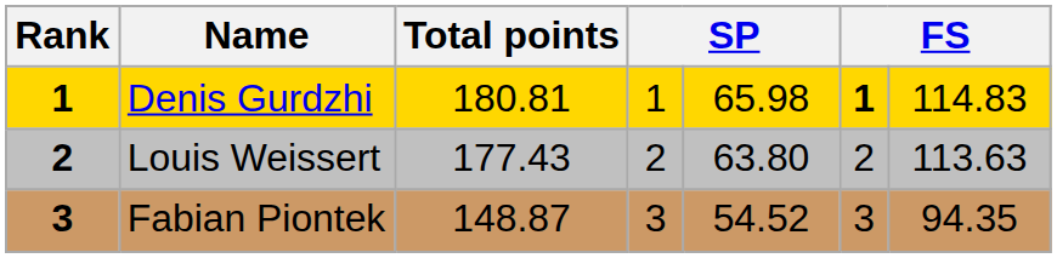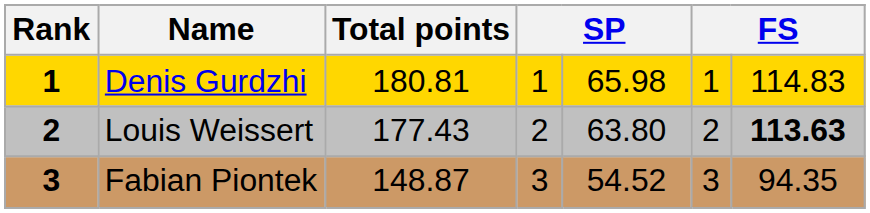 <table class="wikitable sortable">
 <tr>
 <th>Rank</th>
 <th>Name</th>
 <th>Total points</th>
 <th colspan="2" width="80px"><a href='#'>SP</a></th>
 <th colspan="2" width="80px"><a href='#'>FS</a></th>
 </tr>
 <tr bgcolor="gold">
 <td align="center"><strong>1</strong></td>
 <td><a href='#'>Denis Gurdzhi</a></td>
 <td align="center">180.81</td>
 <td align="center">1</td>
 <td align="center">65.98</td>
-<td align="center"><strong>1</strong></td>
+<td align="center">1</td>
 <td align="center">114.83</td>
 </tr>
 <tr bgcolor="silver">
 <td align="center"><strong>2</strong></td>
 <td>Louis Weissert</td>
 <td align="center">177.43</td>
 <td align="center">2</td>
 <td align="center">63.80</td>
 <td align="center">2</td>
-<td align="center">113.63</td>
+<td align="center"><strong>113.63</strong></td>
 </tr>
 <tr bgcolor="cc9966">
 <td align="center"><strong>3</strong></td>
 <td>Fabian Piontek</td>
 <td align="center">148.87</td>
 <td align="center">3</td>
 <td align="center">54.52</td>
 <td align="center">3</td>
 <td align="center">94.35</td>
 </tr>
 </table>
